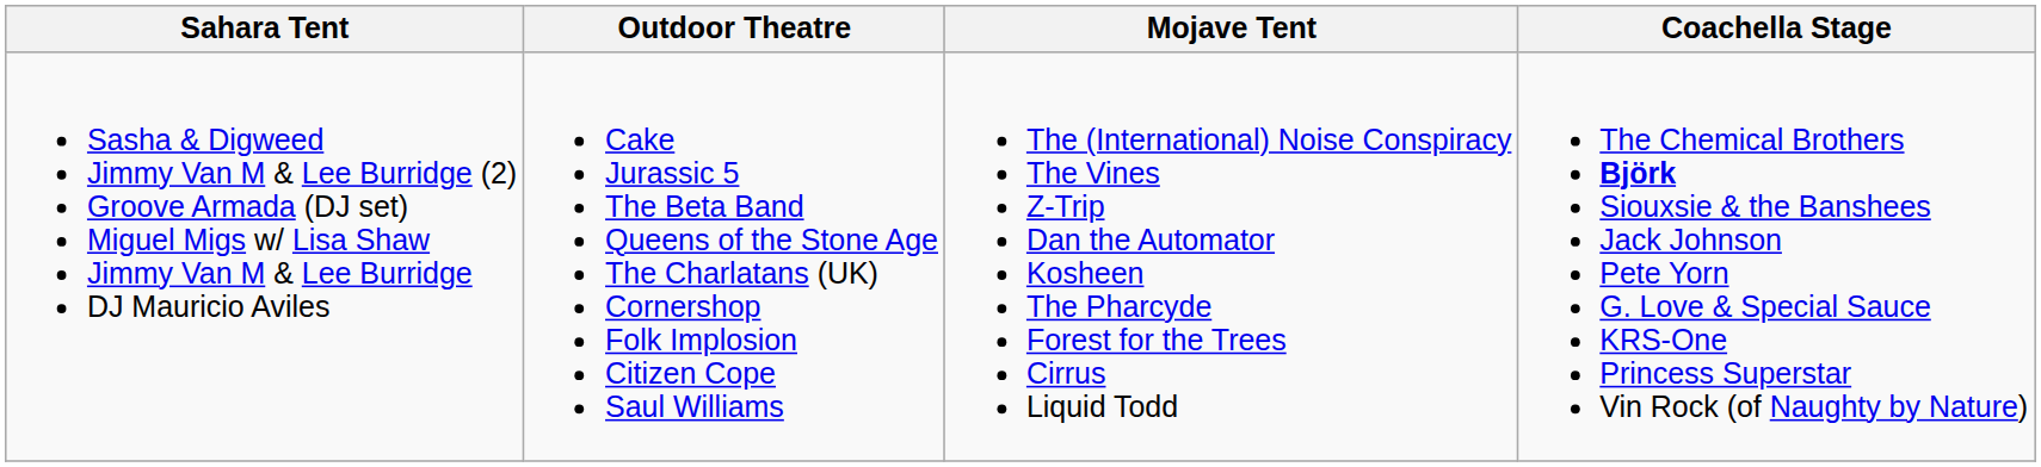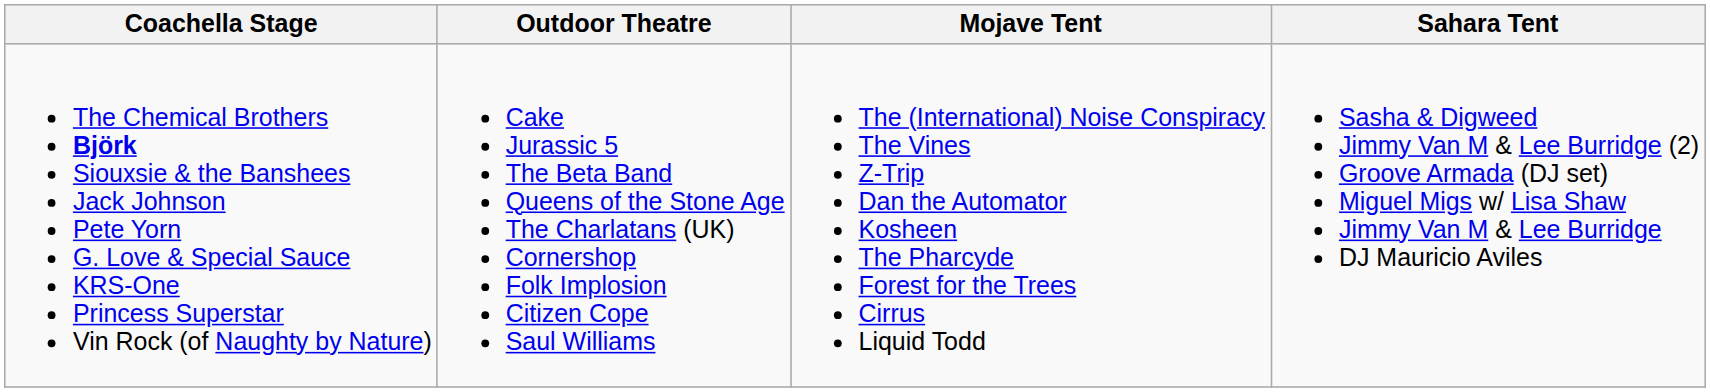 <table class="wikitable">
 <tr>
-<th>Sahara Tent</th>
+<th>Coachella Stage</th>
 <th>Outdoor Theatre</th>
 <th>Mojave Tent</th>
-<th>Coachella Stage</th>
+<th>Sahara Tent</th>
 </tr>
 <tr valign="top">
-<td><br><ul><li><a href='#'>Sasha & Digweed</a></li><li><a href='#'>Jimmy Van M</a> & <a href='#'>Lee Burridge</a> (2)</li><li><a href='#'>Groove Armada</a> (DJ set)</li><li><a href='#'>Miguel Migs</a> w/ <a href='#'>Lisa Shaw</a></li><li><a href='#'>Jimmy Van M</a> & <a href='#'>Lee Burridge</a></li><li>DJ Mauricio Aviles</li></ul></td>
+<td><br><ul><li><a href='#'>The Chemical Brothers</a></li><li><strong><a href='#'>Björk</a></strong></li><li><a href='#'>Siouxsie & the Banshees</a></li><li><a href='#'>Jack Johnson</a></li><li><a href='#'>Pete Yorn</a></li><li><a href='#'>G. Love & Special Sauce</a></li><li><a href='#'>KRS-One</a></li><li><a href='#'>Princess Superstar</a></li><li>Vin Rock (of <a href='#'>Naughty by Nature</a>)</li></ul></td>
 <td><br><ul><li><a href='#'>Cake</a></li><li><a href='#'>Jurassic 5</a></li><li><a href='#'>The Beta Band</a></li><li><a href='#'>Queens of the Stone Age</a></li><li><a href='#'>The Charlatans</a> (UK)</li><li><a href='#'>Cornershop</a></li><li><a href='#'>Folk Implosion</a></li><li><a href='#'>Citizen Cope</a></li><li><a href='#'>Saul Williams</a></li></ul></td>
 <td><br><ul><li><a href='#'>The (International) Noise Conspiracy</a></li><li><a href='#'>The Vines</a></li><li><a href='#'>Z-Trip</a></li><li><a href='#'>Dan the Automator</a></li><li><a href='#'>Kosheen</a></li><li><a href='#'>The Pharcyde</a></li><li><a href='#'>Forest for the Trees</a></li><li><a href='#'>Cirrus</a></li><li>Liquid Todd</li></ul></td>
-<td><br><ul><li><a href='#'>The Chemical Brothers</a></li><li><strong><a href='#'>Björk</a></strong></li><li><a href='#'>Siouxsie & the Banshees</a></li><li><a href='#'>Jack Johnson</a></li><li><a href='#'>Pete Yorn</a></li><li><a href='#'>G. Love & Special Sauce</a></li><li><a href='#'>KRS-One</a></li><li><a href='#'>Princess Superstar</a></li><li>Vin Rock (of <a href='#'>Naughty by Nature</a>)</li></ul></td>
+<td><br><ul><li><a href='#'>Sasha & Digweed</a></li><li><a href='#'>Jimmy Van M</a> & <a href='#'>Lee Burridge</a> (2)</li><li><a href='#'>Groove Armada</a> (DJ set)</li><li><a href='#'>Miguel Migs</a> w/ <a href='#'>Lisa Shaw</a></li><li><a href='#'>Jimmy Van M</a> & <a href='#'>Lee Burridge</a></li><li>DJ Mauricio Aviles</li></ul></td>
 </tr>
 </table>
